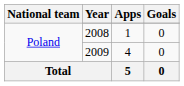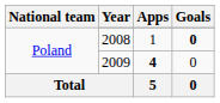 <table class="wikitable" style="text-align:center">
 <tr>
 <th>National team</th>
 <th>Year</th>
 <th>Apps</th>
 <th>Goals</th>
 </tr>
 <tr>
 <td rowspan=3><a href='#'>Poland</a></td>
 </tr>
 <tr>
 <td>2008</td>
 <td>1</td>
-<td>0</td>
+<td><strong>0</strong></td>
 </tr>
 <tr>
 <td>2009</td>
-<td>4</td>
+<td><strong>4</strong></td>
 <td>0</td>
 </tr>
 <tr>
 <th colspan="2">Total</th>
 <th>5</th>
 <th>0</th>
 </tr>
 </table>
